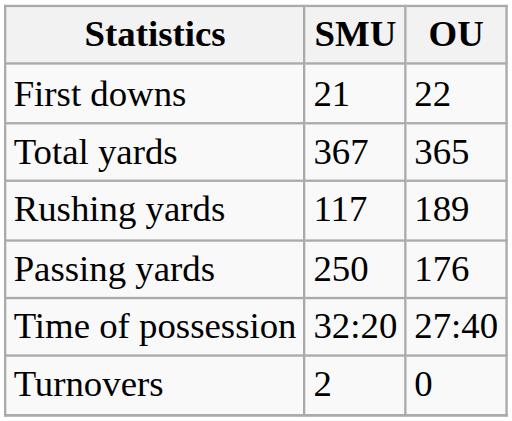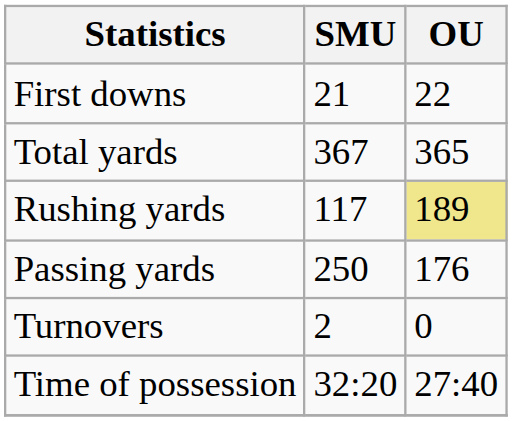 <table class="wikitable" style="float: left;">
 <tr>
 <th>Statistics</th>
 <th>SMU</th>
 <th>OU</th>
 </tr>
 <tr>
 <td>First downs</td>
 <td>21</td>
 <td>22</td>
 </tr>
 <tr>
 <td>Total yards</td>
 <td>367</td>
 <td>365</td>
 </tr>
 <tr>
 <td>Rushing yards</td>
 <td>117</td>
-<td>189</td>
+<td style="background: khaki;">189</td>
 </tr>
 <tr>
 <td>Passing yards</td>
 <td>250</td>
 <td>176</td>
 </tr>
 <tr>
+<td>Turnovers</td>
+<td>2</td>
+<td>0</td>
+</tr>
+<tr>
 <td>Time of possession</td>
 <td>32:20</td>
 <td>27:40</td>
 </tr>
 <tr>
-<td>Turnovers</td>
-<td>2</td>
-<td>0</td>
-</tr>
-<tr>
 </tr>
 </table>
